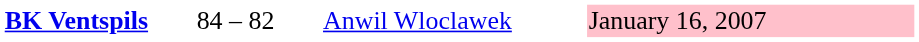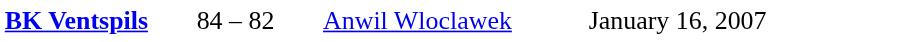 <table style="text-align:center">
 <tr>
 <th width=160></th>
 <th width=100></th>
 <th width=160></th>
 <th width=200></th>
 </tr>
 <tr>
 <td align=right><strong><a href='#'>BK Ventspils</a></strong> </td>
 <td>84 – 82</td>
 <td align=left> <a href='#'>Anwil Wloclawek</a></td>
-<td align=left style="background: pink;">January 16, 2007</td>
+<td align=left>January 16, 2007</td>
 </tr>
 </table>
